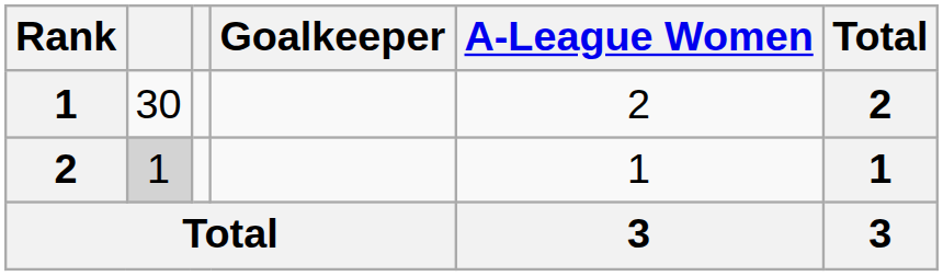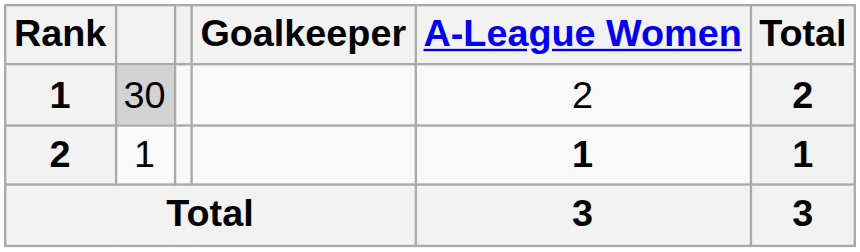 <table class="wikitable" style="text-align:center">
 <tr>
 <th>Rank</th>
 <th></th>
 <th></th>
 <th>Goalkeeper</th>
 <th><a href='#'>A-League Women</a></th>
 <th>Total</th>
 </tr>
 <tr>
 <th>1</th>
-<td>30</td>
+<td style="background: lightgrey;">30</td>
 <td></td>
 <td align="left"></td>
 <td>2</td>
 <th>2</th>
 </tr>
 <tr>
 <th>2</th>
-<td style="background: lightgrey;">1</td>
+<td>1</td>
 <td></td>
 <td align="left"></td>
-<td>1</td>
+<td><strong>1</strong></td>
 <th>1</th>
 </tr>
 <tr>
 <th colspan="4">Total</th>
 <th>3</th>
 <th>3</th>
 </tr>
 </table>
